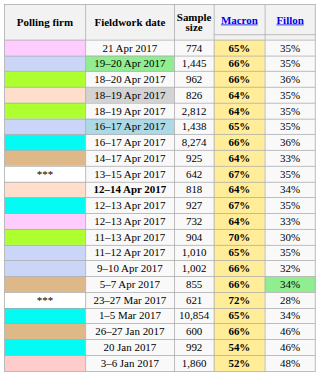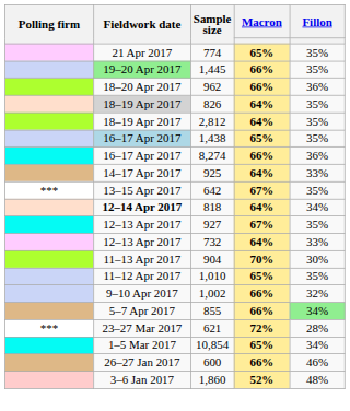 <table class="wikitable sortable" style="text-align:center;font-size:90%;line-height:14px;">
 <tr style="height:40px;">
 <th style="width:100px;" rowspan="2">Polling firm</th>
 <th style="width:110px;" rowspan="2">Fieldwork date</th>
 <th style="width:35px;" rowspan="2">Sample<br>size</th>
 <th class="unsortable" style="width:60px;"><a href='#'>Macron</a><br></th>
 <th class="unsortable" style="width:60px;"><a href='#'>Fillon</a><br></th>
 </tr>
 <tr>
 <th style="background:"></th>
 <th style="background:"></th>
 </tr>
 <tr>
 <td style="background:#FFCCFF;"></td>
 <td data-sort-value="2017-04-21">21 Apr 2017</td>
 <td>774</td>
 <td style="background:#FFED99;"><strong>65%</strong></td>
 <td>35%</td>
 </tr>
 <tr>
 <td style="background:#CAD5F7;"></td>
 <td data-sort-value="2017-04-20" style="background: lightgreen;">19–20 Apr 2017</td>
 <td>1,445</td>
 <td style="background:#FFED99;"><strong>66%</strong></td>
 <td>35%</td>
 </tr>
 <tr>
 <td style="background:GreenYellow;"></td>
 <td data-sort-value="2017-04-20">18–20 Apr 2017</td>
 <td>962</td>
 <td style="background:#FFED99;"><strong>66%</strong></td>
 <td>36%</td>
 </tr>
 <tr>
 <td style="background:#FFDFCC;"> </td>
 <td data-sort-value="2017-04-19" style="background: lightgrey;">18–19 Apr 2017</td>
 <td>826</td>
 <td style="background:#FFED99;"><strong>64%</strong></td>
 <td>35%</td>
 </tr>
 <tr>
 <td style="background:GreenYellow;"></td>
 <td data-sort-value="2017-04-19">18–19 Apr 2017</td>
 <td>2,812</td>
 <td style="background:#FFED99;"><strong>64%</strong></td>
 <td>35%</td>
 </tr>
 <tr>
 <td style="background:#CAD5F7;"></td>
 <td data-sort-value="2017-04-17" style="background: lightblue;">16–17 Apr 2017</td>
 <td>1,438</td>
 <td style="background:#FFED99;"><strong>65%</strong></td>
 <td>35%</td>
 </tr>
 <tr>
 <td style="background:#04FBF4;"></td>
 <td data-sort-value="2017-04-17">16–17 Apr 2017</td>
 <td>8,274</td>
 <td style="background:#FFED99;"><strong>66%</strong></td>
 <td>36%</td>
 </tr>
 <tr>
 <td style="background:burlywood;"> </td>
 <td data-sort-value="2017-04-17">14–17 Apr 2017</td>
 <td>925</td>
 <td style="background:#FFED99;"><strong>64%</strong></td>
 <td>33%</td>
 </tr>
 <tr>
 <td style="background:#FFFFFF;">***</td>
 <td data-sort-value="2017-04-15">13–15 Apr 2017</td>
 <td>642</td>
 <td style="background:#FFED99;"><strong>67%</strong></td>
 <td>35%</td>
 </tr>
 <tr>
 <td style="background:#FFDFCC;"></td>
 <td data-sort-value="2017-04-14"><strong>12–14 Apr 2017</strong></td>
 <td>818</td>
 <td style="background:#FFED99;"><strong>64%</strong></td>
 <td>34%</td>
 </tr>
 <tr>
 <td style="background:#04FBF4;"></td>
 <td data-sort-value="2017-04-13">12–13 Apr 2017</td>
 <td>927</td>
 <td style="background:#FFED99;"><strong>67%</strong></td>
 <td>35%</td>
 </tr>
 <tr>
 <td style="background:#FFCCFF;"></td>
 <td data-sort-value="2017-04-13">12–13 Apr 2017</td>
 <td>732</td>
 <td style="background:#FFED99;"><strong>64%</strong></td>
 <td>33%</td>
 </tr>
 <tr>
 <td style="background:GreenYellow;"> </td>
 <td data-sort-value="2017-04-13">11–13 Apr 2017</td>
 <td>904</td>
 <td style="background:#FFED99;"><strong>70%</strong></td>
 <td>30%</td>
 </tr>
 <tr>
 <td style="background:#CAD5F7;"></td>
 <td data-sort-value="2017-04-12">11–12 Apr 2017</td>
 <td>1,010</td>
 <td style="background:#FFED99;"><strong>65%</strong></td>
 <td>35%</td>
 </tr>
 <tr>
 <td style="background:#CAD5F7;"></td>
 <td data-sort-value="2017-04-10">9–10 Apr 2017</td>
 <td>1,002</td>
 <td style="background:#FFED99;"><strong>66%</strong></td>
 <td>32%</td>
 </tr>
 <tr>
 <td style="background:burlywood;"> </td>
 <td data-sort-value="2017-04-07">5–7 Apr 2017</td>
 <td>855</td>
 <td style="background:#FFED99;"><strong>66%</strong></td>
 <td style="background: lightgreen;">34%</td>
 </tr>
 <tr>
 <td style="background:#FFFFFF;">***</td>
 <td data-sort-value="2017-03-27">23–27 Mar 2017</td>
 <td>621</td>
 <td style="background:#FFED99;"><strong>72%</strong></td>
 <td>28%</td>
 </tr>
 <tr>
 <td style="background:#04FBF4;"></td>
 <td data-sort-value="2017-03-05">1–5 Mar 2017</td>
 <td>10,854</td>
 <td style="background:#FFED99;"><strong>65%</strong></td>
 <td>34%</td>
 </tr>
 <tr>
 <td style="background:burlywood;"> </td>
 <td data-sort-value="2017-01-27">26–27 Jan 2017</td>
 <td>600</td>
 <td style="background:#FFED99;"><strong>66%</strong></td>
 <td>46%</td>
 </tr>
 <tr>
-<td style="background:#04FBF4;"></td>
-<td data-sort-value="2017-01-20">20 Jan 2017</td>
-<td>992</td>
-<td style="background:#FFED99;"><strong>54%</strong></td>
-<td>46%</td>
-</tr>
-<tr>
 <td style="background:#FFCCCC;"></td>
 <td data-sort-value="2017-01-06">3–6 Jan 2017</td>
 <td>1,860</td>
 <td style="background:#FFED99;"><strong>52%</strong></td>
 <td>48%</td>
 </tr>
 </table>
